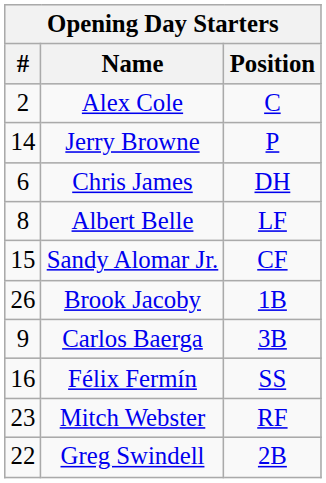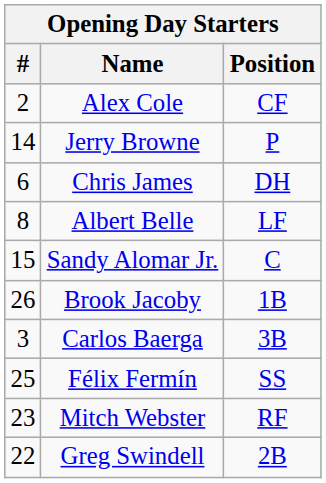 <table class="wikitable" style="text-align:center">
 <tr>
 <th colspan="3">Opening Day Starters</th>
 </tr>
 <tr>
 <th>#</th>
 <th>Name</th>
 <th>Position</th>
 </tr>
 <tr>
 <td>2</td>
 <td><a href='#'>Alex Cole</a></td>
-<td><a href='#'>C</a></td>
+<td><a href='#'>CF</a></td>
 </tr>
 <tr>
 <td>14</td>
 <td><a href='#'>Jerry Browne</a></td>
 <td><a href='#'>P</a></td>
 </tr>
 <tr>
 <td>6</td>
 <td><a href='#'>Chris James</a></td>
 <td><a href='#'>DH</a></td>
 </tr>
 <tr>
 <td>8</td>
 <td><a href='#'>Albert Belle</a></td>
 <td><a href='#'>LF</a></td>
 </tr>
 <tr>
 <td>15</td>
 <td><a href='#'>Sandy Alomar Jr.</a></td>
-<td><a href='#'>CF</a></td>
+<td><a href='#'>C</a></td>
 </tr>
 <tr>
 <td>26</td>
 <td><a href='#'>Brook Jacoby</a></td>
 <td><a href='#'>1B</a></td>
 </tr>
 <tr>
-<td>9</td>
+<td>3</td>
 <td><a href='#'>Carlos Baerga</a></td>
 <td><a href='#'>3B</a></td>
 </tr>
 <tr>
-<td>16</td>
+<td>25</td>
 <td><a href='#'>Félix Fermín</a></td>
 <td><a href='#'>SS</a></td>
 </tr>
 <tr>
 <td>23</td>
 <td><a href='#'>Mitch Webster</a></td>
 <td><a href='#'>RF</a></td>
 </tr>
 <tr>
 <td>22</td>
 <td><a href='#'>Greg Swindell</a></td>
 <td><a href='#'>2B</a></td>
 </tr>
 </table>
